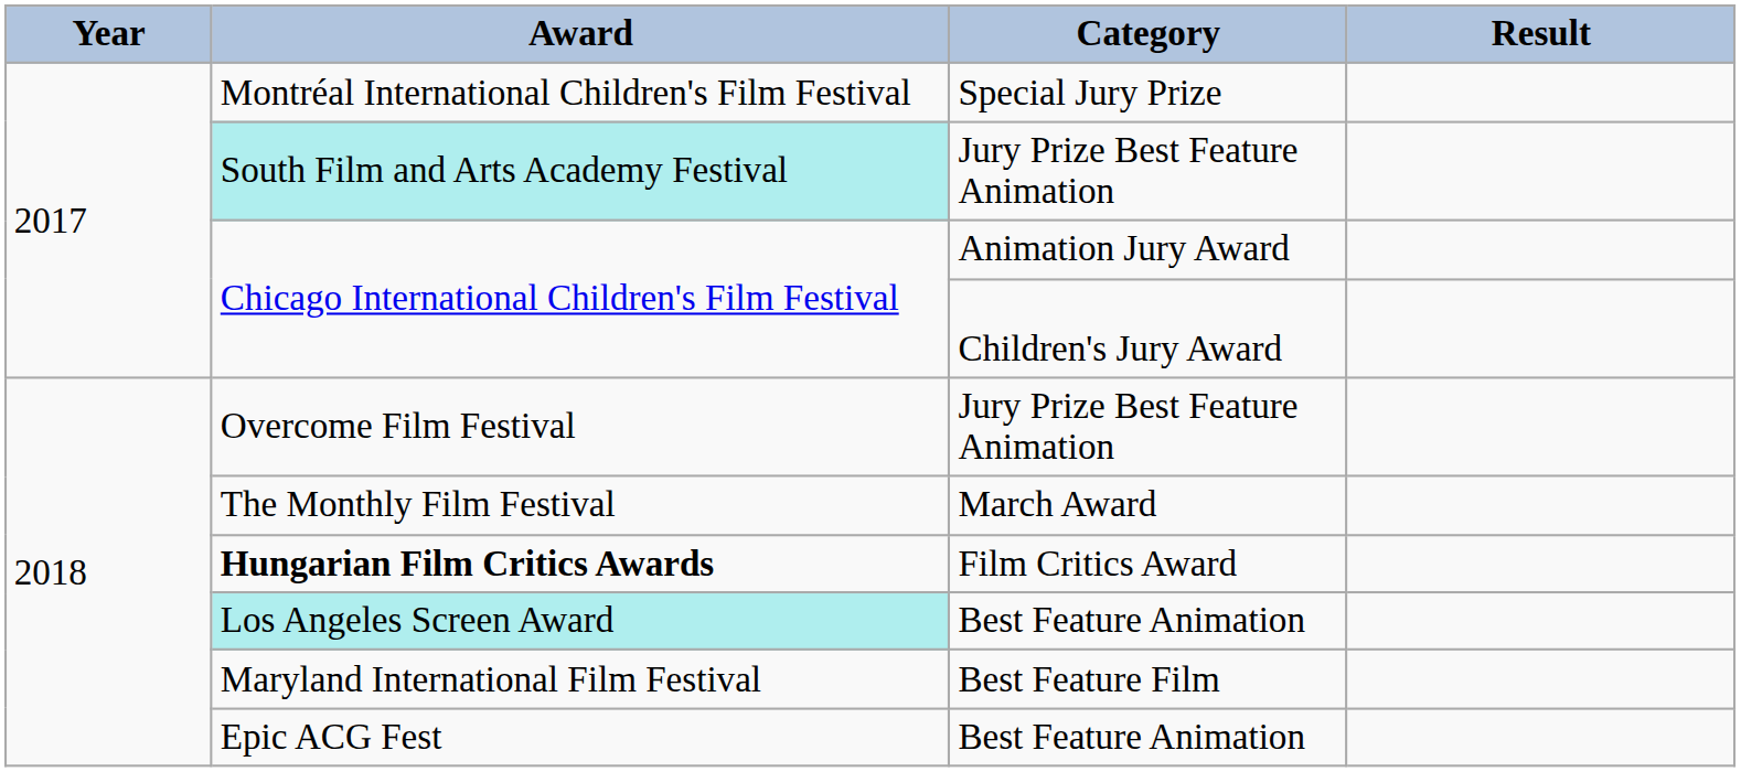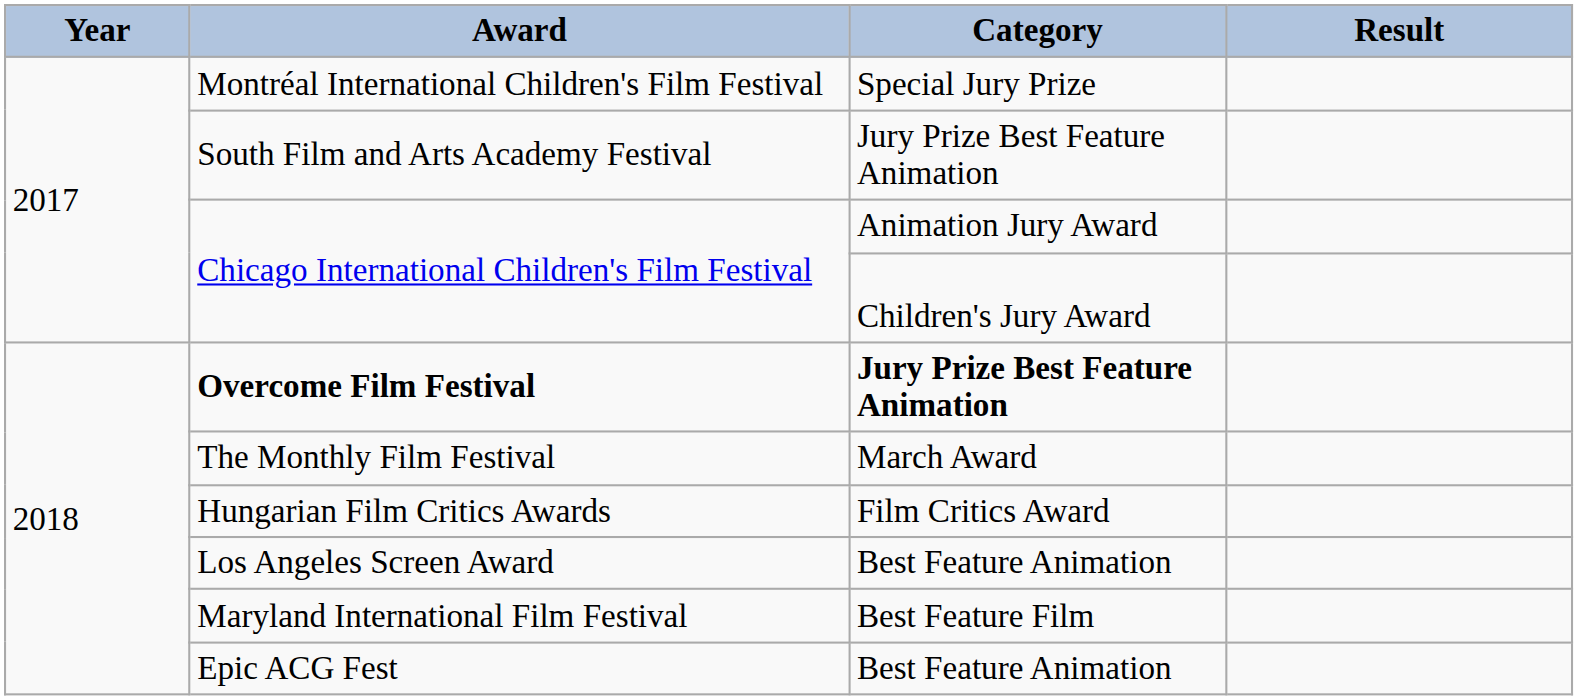 <table class="wikitable" width="60%">
 <tr>
 <th style="width:10pt; background:LightSteelBlue;">Year</th>
 <th style="width:100pt; background:LightSteelBlue;">Award</th>
 <th style="width:40pt; background:LightSteelBlue;">Category</th>
 <th style="width:50pt; background:LightSteelBlue;">Result</th>
 </tr>
 <tr>
 <td rowspan="4">2017</td>
 <td rowspan="1">Montréal International Children's Film Festival</td>
 <td>Special Jury Prize</td>
 <td></td>
 </tr>
 <tr>
-<td rowspan="1" style="background: paleturquoise;">South Film and Arts Academy Festival</td>
+<td rowspan="1">South Film and Arts Academy Festival</td>
 <td>Jury Prize Best Feature Animation</td>
 <td></td>
 </tr>
 <tr>
 <td rowspan="2"><a href='#'>Chicago International Children's Film Festival</a></td>
 <td>Animation Jury Award</td>
 <td></td>
 </tr>
 <tr>
 <td><br>Children's Jury Award</td>
 <td></td>
 </tr>
 <tr>
 <td rowspan="6">2018</td>
-<td rowspan="1">Overcome Film Festival</td>
-<td>Jury Prize Best Feature Animation</td>
+<td rowspan="1"><strong>Overcome Film Festival</strong></td>
+<td><strong>Jury Prize Best Feature Animation</strong></td>
 <td></td>
 </tr>
 <tr>
 <td rowspan="1">The Monthly Film Festival</td>
 <td>March Award</td>
 <td></td>
 </tr>
 <tr>
-<td rowspan="1"><strong>Hungarian Film Critics Awards</strong></td>
+<td rowspan="1">Hungarian Film Critics Awards</td>
 <td>Film Critics Award</td>
 <td></td>
 </tr>
 <tr>
-<td rowspan="1" style="background: paleturquoise;">Los Angeles Screen Award</td>
+<td rowspan="1">Los Angeles Screen Award</td>
 <td>Best Feature Animation</td>
 <td></td>
 </tr>
 <tr>
 <td rowspan="1">Maryland International Film Festival</td>
 <td>Best Feature Film</td>
 <td></td>
 </tr>
 <tr>
 <td rowspan="1">Epic ACG Fest</td>
 <td>Best Feature Animation</td>
 <td></td>
 </tr>
 </table>
